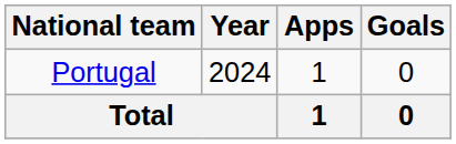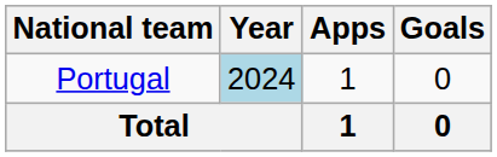 <table class=wikitable style="text-align: center">
 <tr>
 <th>National team</th>
 <th>Year</th>
 <th>Apps</th>
 <th>Goals</th>
 </tr>
 <tr>
 <td rowspan="1"><a href='#'>Portugal</a></td>
-<td>2024</td>
+<td style="background: lightblue;">2024</td>
 <td>1</td>
 <td>0</td>
 </tr>
 <tr>
 <th colspan="2">Total</th>
 <th>1</th>
 <th>0</th>
 </tr>
 </table>
